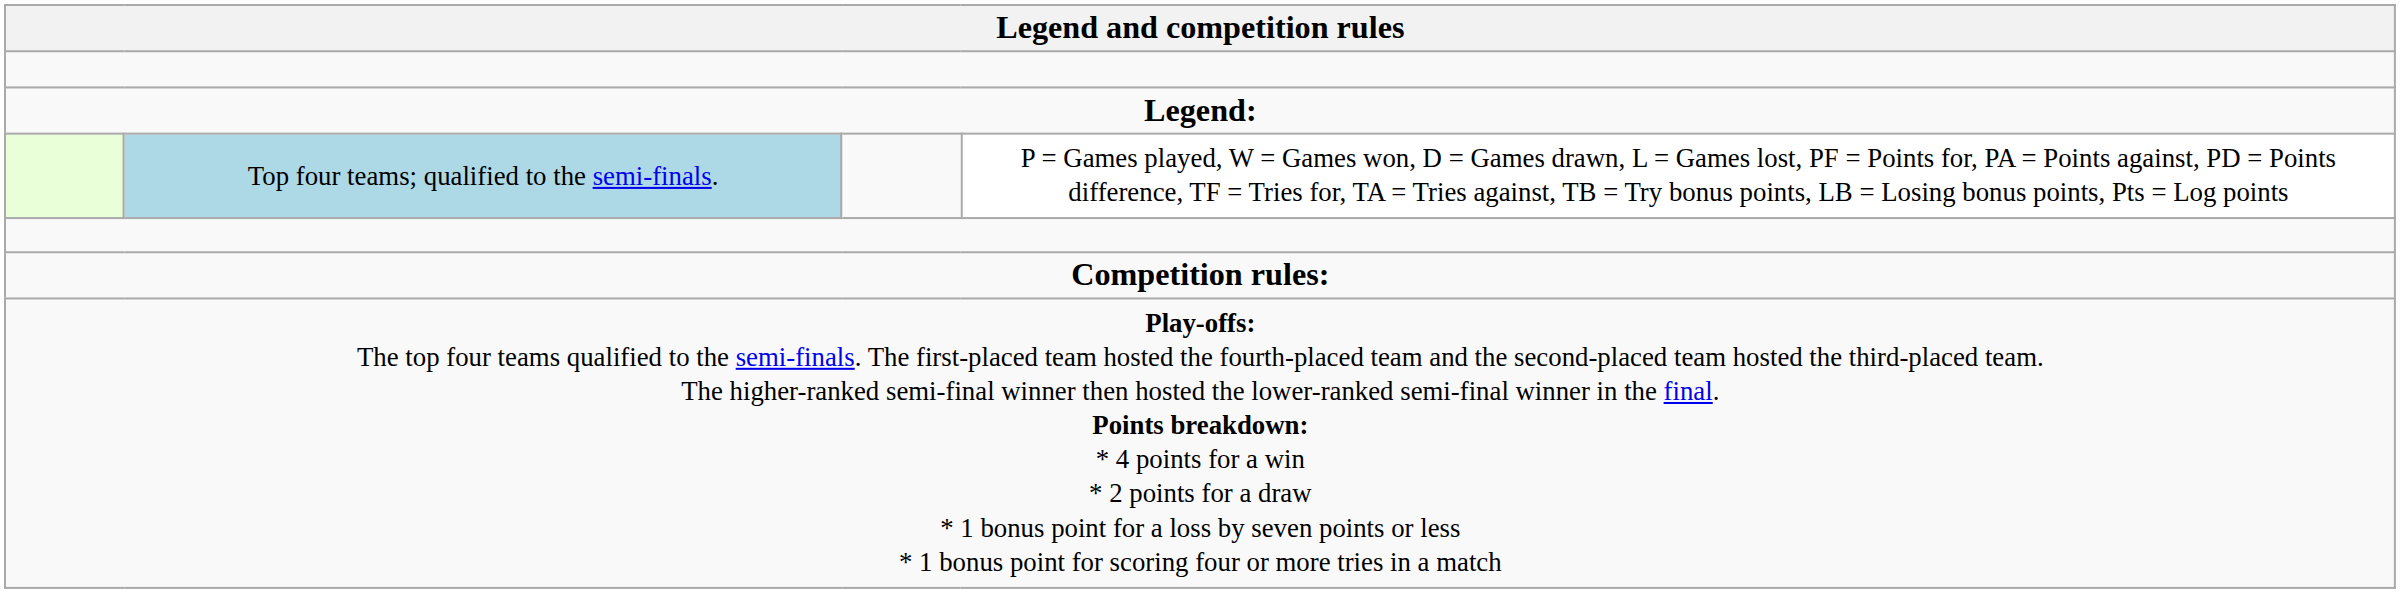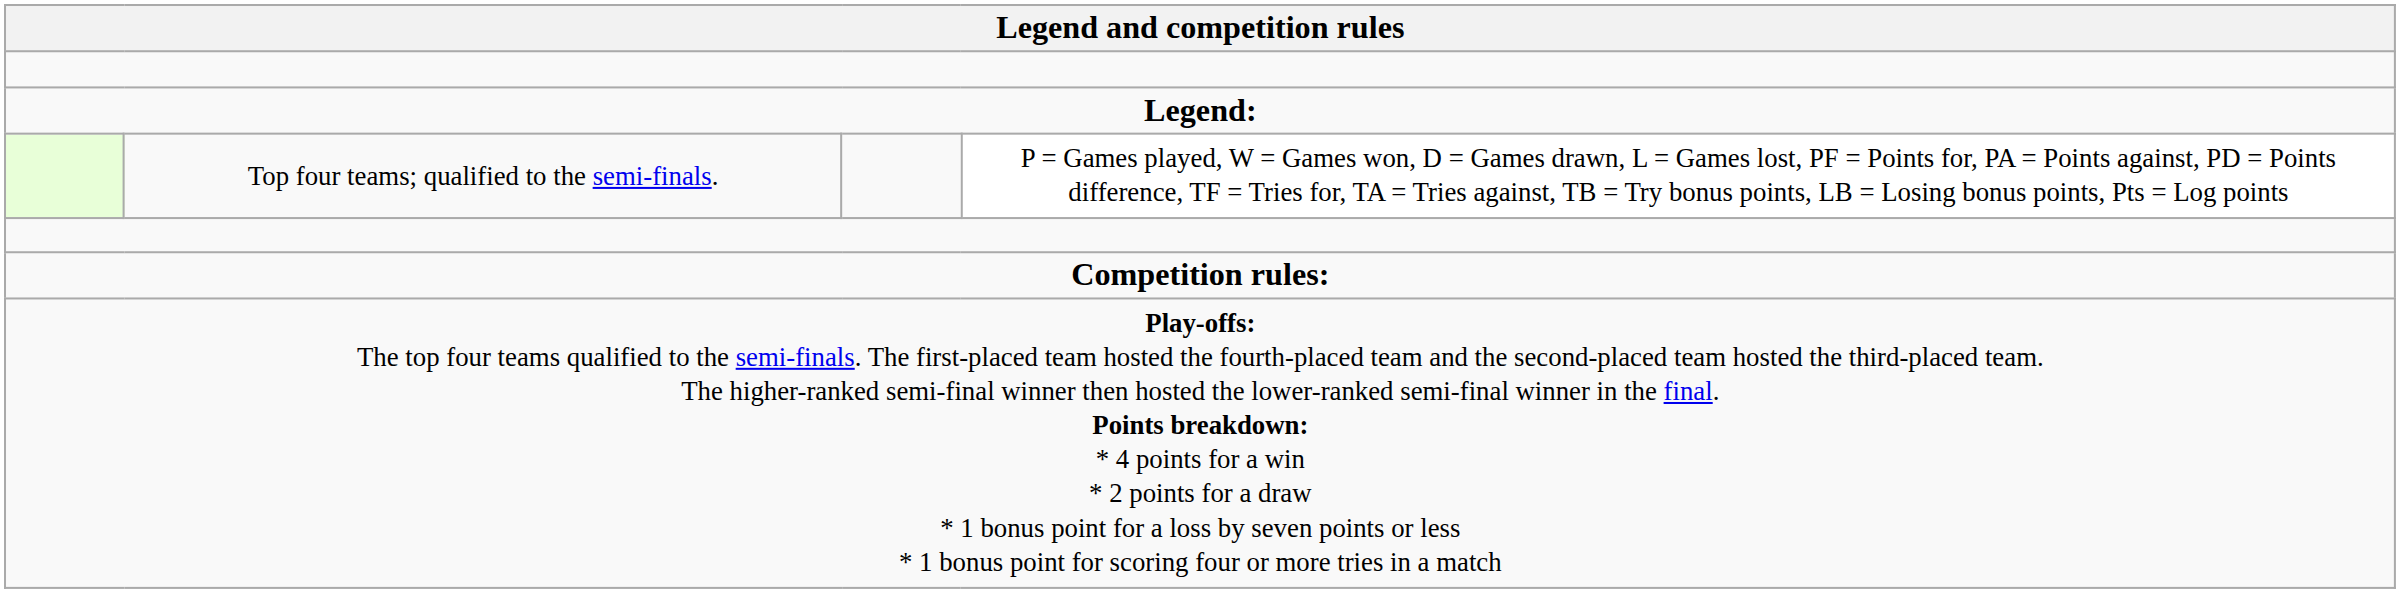 <table class="wikitable collapsible collapsed" style="text-align:center; line-height:100%; font-size:100%; width:60%;">
 <tr>
 <th colspan="100%" style="border:0px">Legend and competition rules</th>
 </tr>
 <tr>
 <td colspan="100%" style="height:10px"></td>
 </tr>
 <tr>
 <td colspan="100%" style="border:0px"><strong>Legend:</strong></td>
 </tr>
 <tr>
 <td style="height:10px; width:5%; background:#E8FFD8;"></td>
-<td style="background: lightblue; width:30%;"><small>Top four teams; qualified to the <a href='#'>semi-finals</a>.</small></td>
+<td style="width:30%;"><small>Top four teams; qualified to the <a href='#'>semi-finals</a>.</small></td>
 <td style="width:5%;"></td>
 <td style="width:60%; background:#FFFFFF;"><small>P = Games played, W = Games won, D = Games drawn, L = Games lost, PF = Points for, PA = Points against, PD = Points difference, TF = Tries for, TA = Tries against, TB = Try bonus points, LB = Losing bonus points, Pts = Log points</small></td>
 </tr>
 <tr>
 <td colspan="100%" style="height:10px"></td>
 </tr>
 <tr>
 <td colspan="100%" style="border:0px"><strong>Competition rules:</strong></td>
 </tr>
 <tr>
 <td colspan="100%"><small><strong>Play-offs:</strong><br>The top four teams qualified to the <a href='#'>semi-finals</a>. The first-placed team hosted the fourth-placed team and the second-placed team hosted the third-placed team.<br>The higher-ranked semi-final winner then hosted the lower-ranked semi-final winner in the <a href='#'>final</a>.<br><strong>Points breakdown:</strong><br>* 4 points for a win<br>* 2 points for a draw<br>* 1 bonus point for a loss by seven points or less<br>* 1 bonus point for scoring four or more tries in a match</small></td>
 </tr>
 </table>
